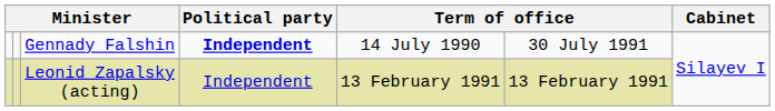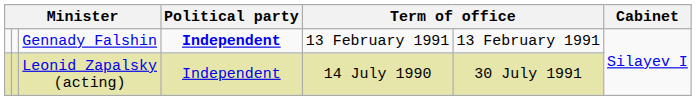 <table class="wikitable" style="text-align:center;">
 <tr>
 <th colspan=3>Minister</th>
 <th>Political party</th>
 <th colspan=2>Term of office</th>
 <th>Cabinet</th>
 </tr>
 <tr>
 <td style="background: "></td>
 <td></td>
 <td><a href='#'>Gennady Falshin</a></td>
 <td><strong><a href='#'>Independent</a></strong></td>
-<td>14 July 1990</td>
-<td>30 July 1991</td>
+<td>13 February 1991</td>
+<td>13 February 1991</td>
 <td rowspan=2><a href='#'>Silayev I</a></td>
 </tr>
 <tr bgcolor=#E6E6AA>
 <td style="background: "></td>
 <td></td>
 <td><a href='#'>Leonid Zapalsky</a><br>(acting)</td>
 <td><a href='#'>Independent</a></td>
-<td>13 February 1991</td>
-<td>13 February 1991</td>
+<td>14 July 1990</td>
+<td>30 July 1991</td>
 </tr>
 </table>
